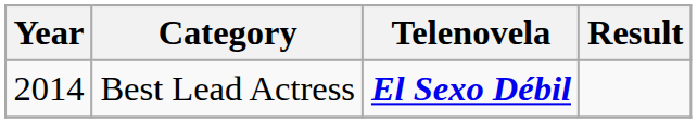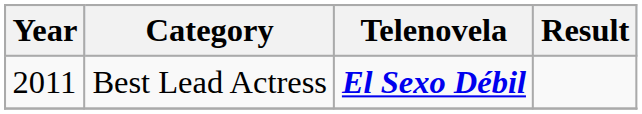 <table class="wikitable">
 <tr style="background:#b0c4de;">
 <th>Year</th>
 <th>Category</th>
 <th>Telenovela</th>
 <th>Result</th>
 </tr>
 <tr>
-<td>2014</td>
+<td>2011</td>
 <td>Best Lead Actress</td>
 <td><strong><em><a href='#'>El Sexo Débil</a></em></strong></td>
 <td></td>
 </tr>
 <tr>
 </tr>
 </table>
